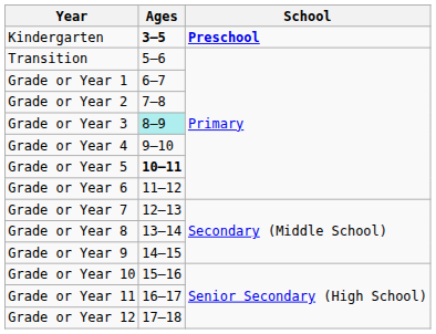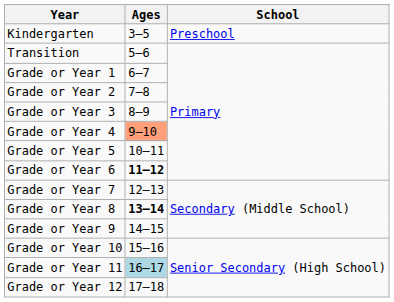 <table class="wikitable">
 <tr>
 <th>Year</th>
 <th>Ages</th>
 <th>School</th>
 </tr>
 <tr>
 <td>Kindergarten</td>
-<td><strong>3–5</strong></td>
-<td><strong><a href='#'>Preschool</a></strong></td>
+<td>3–5</td>
+<td><a href='#'>Preschool</a></td>
 </tr>
 <tr>
 <td>Transition</td>
 <td>5–6</td>
 <td rowspan="7"><a href='#'>Primary</a></td>
 </tr>
 <tr>
 <td>Grade or Year 1</td>
 <td>6–7</td>
 </tr>
 <tr>
 <td>Grade or Year 2</td>
 <td>7–8</td>
 </tr>
 <tr>
 <td>Grade or Year 3</td>
-<td style="background: paleturquoise;">8–9</td>
+<td>8–9</td>
 </tr>
 <tr>
 <td>Grade or Year 4</td>
-<td>9–10</td>
+<td style="background: lightsalmon;">9–10</td>
 </tr>
 <tr>
 <td>Grade or Year 5</td>
-<td><strong>10–11</strong></td>
+<td>10–11</td>
 </tr>
 <tr>
 <td>Grade or Year 6</td>
-<td>11–12</td>
+<td><strong>11–12</strong></td>
 </tr>
 <tr>
 <td>Grade or Year 7</td>
 <td>12–13</td>
 <td rowspan="3"><a href='#'>Secondary</a> (Middle School)</td>
 </tr>
 <tr>
 <td>Grade or Year 8</td>
-<td>13–14</td>
+<td><strong>13–14</strong></td>
 </tr>
 <tr>
 <td>Grade or Year 9</td>
 <td>14–15</td>
 </tr>
 <tr>
 <td>Grade or Year 10</td>
 <td>15–16</td>
 <td rowspan="3"><a href='#'>Senior Secondary</a> (High School)</td>
 </tr>
 <tr>
 <td>Grade or Year 11</td>
-<td>16–17</td>
+<td style="background: lightblue;">16–17</td>
 </tr>
 <tr>
 <td>Grade or Year 12</td>
 <td>17–18</td>
 </tr>
 </table>
